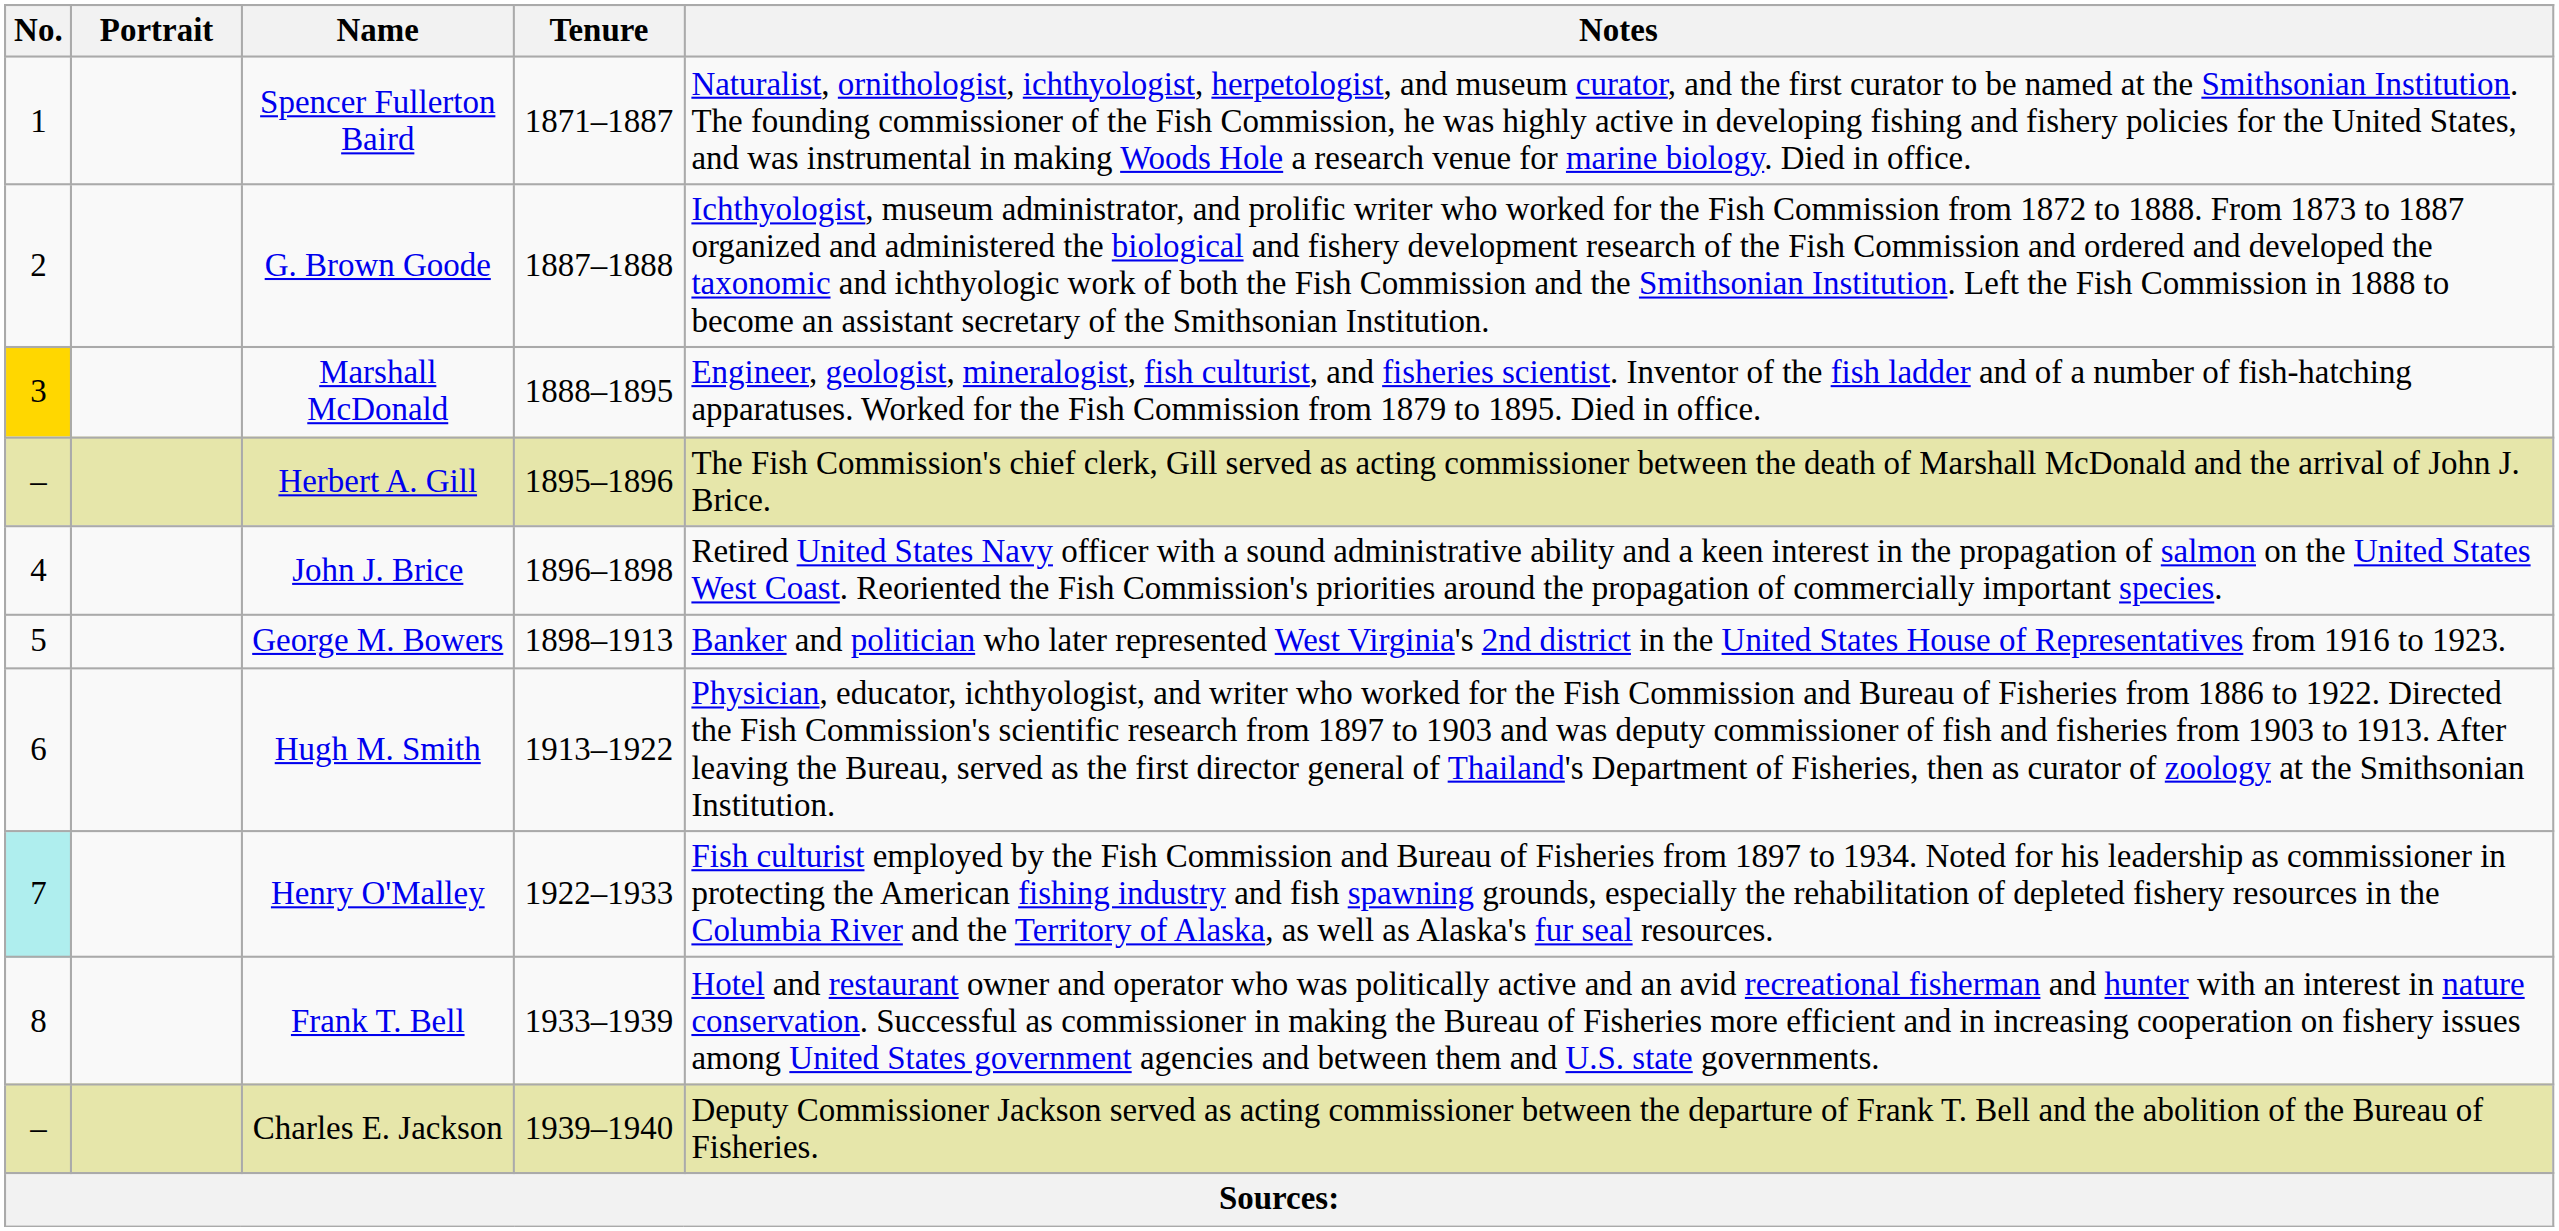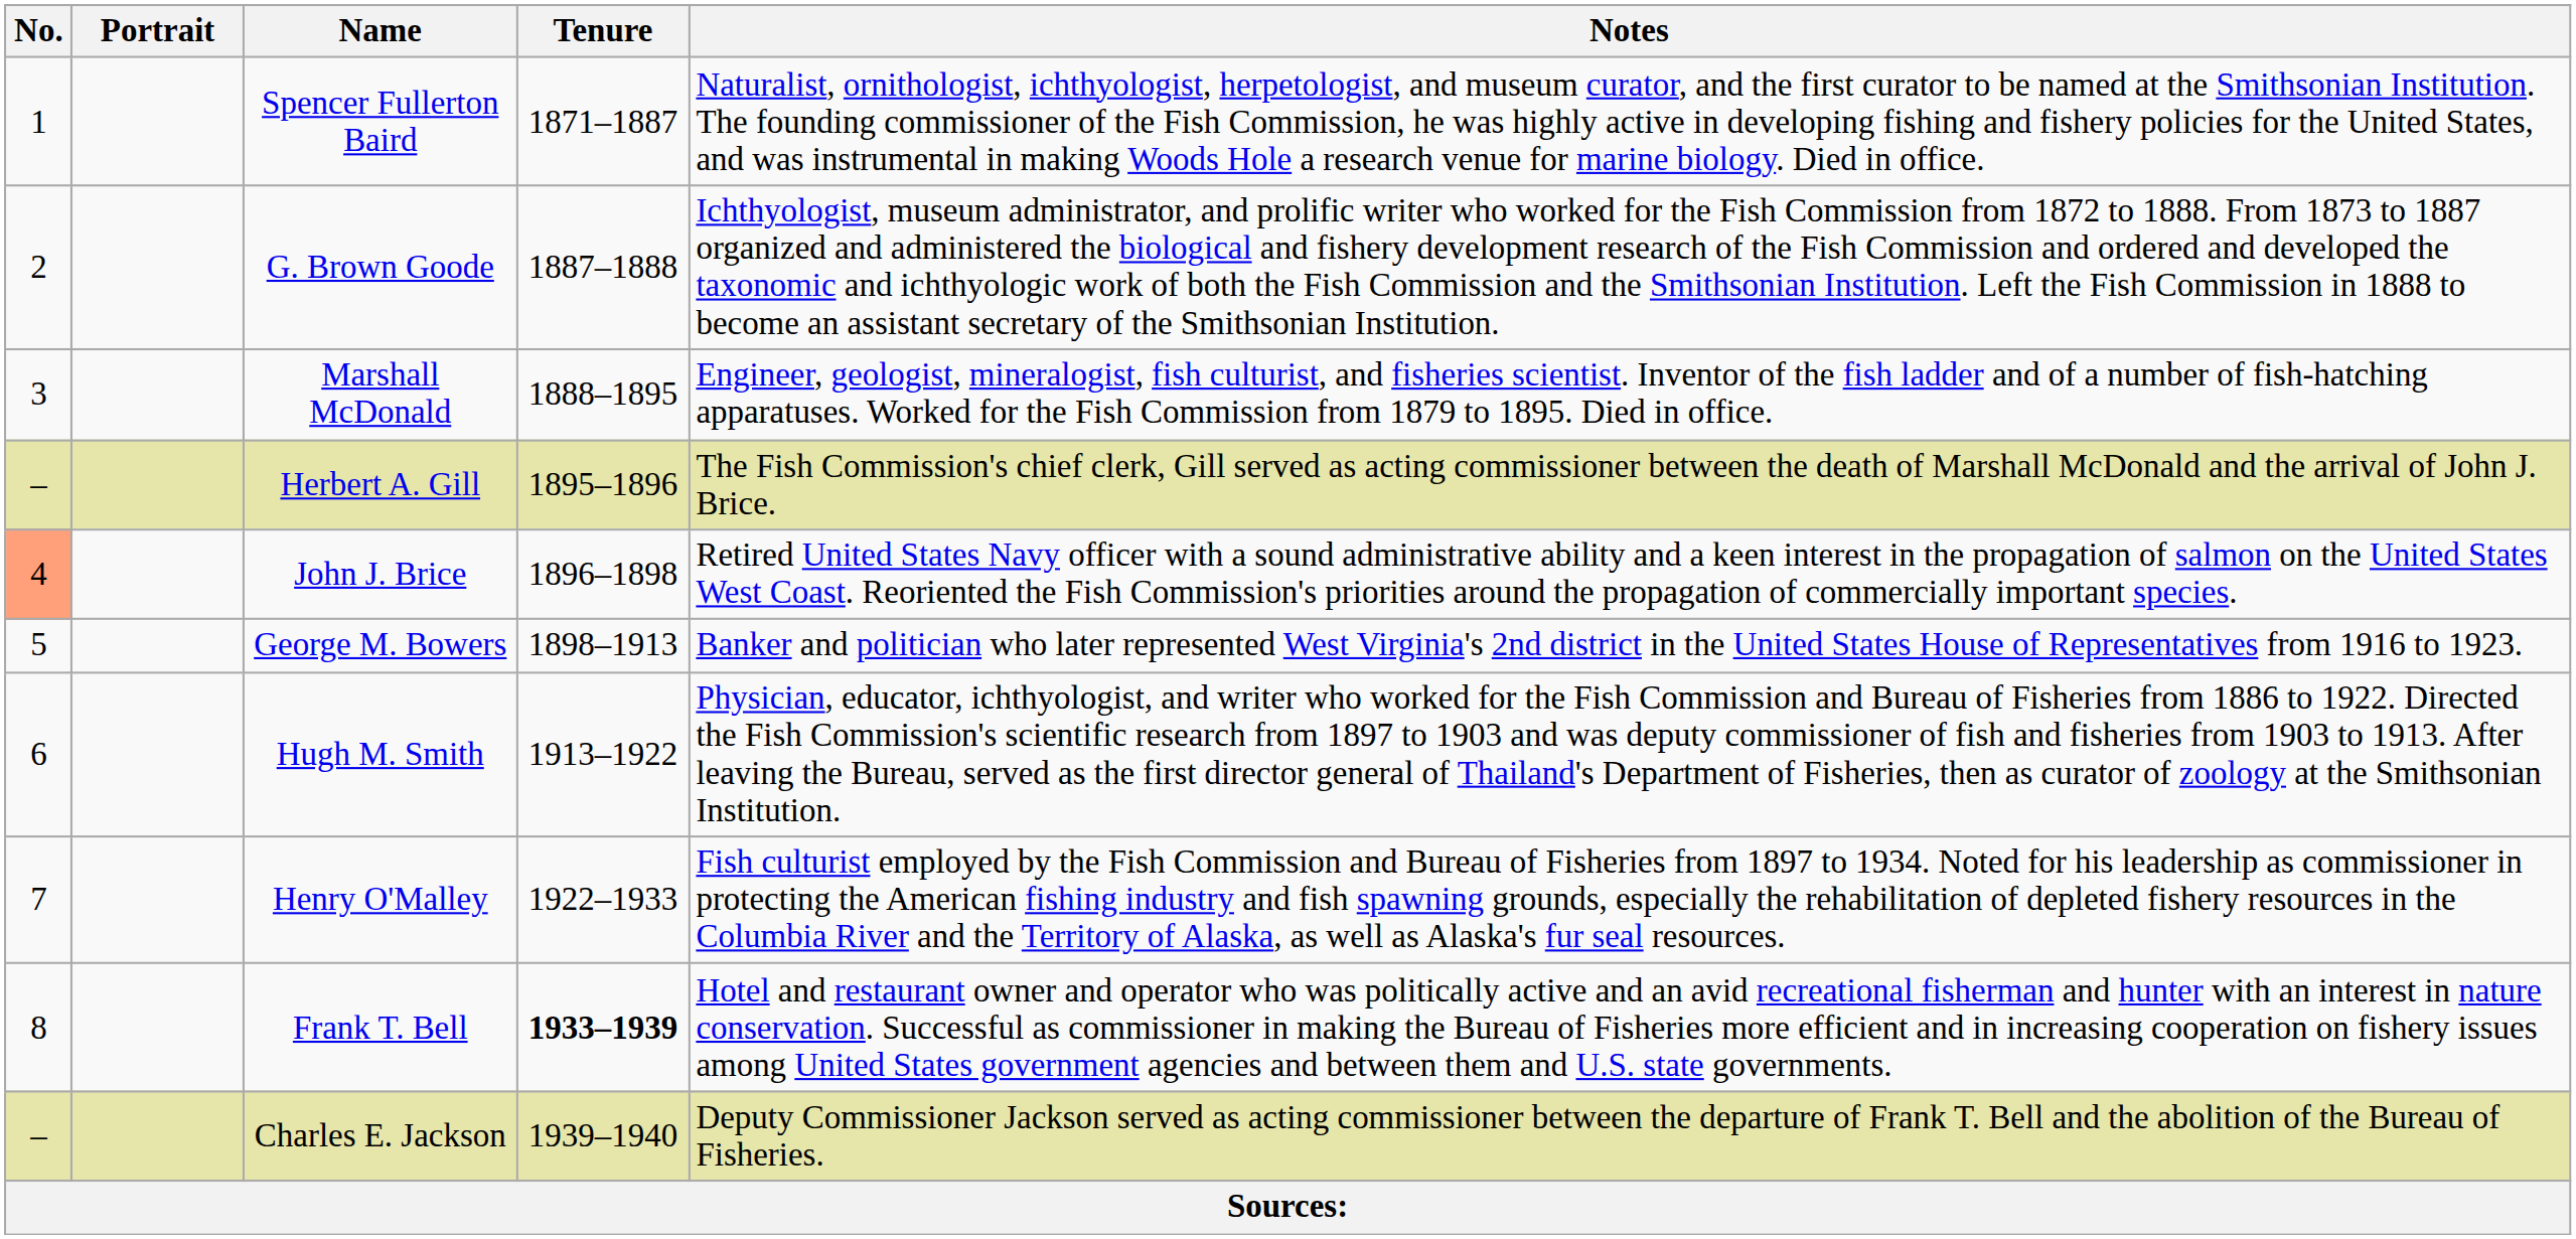 <table class="wikitable sortable">
 <tr>
 <th width="25" style="text-align:center">No.</th>
 <th width="75" style="text-align:center">Portrait</th>
 <th width="125" style="text-align:center">Name</th>
 <th width="75" style="text-align:center">Tenure</th>
 <th width="900" style="text-align:center">Notes</th>
 </tr>
 <tr>
 <td style="text-align:center">1</td>
 <td style="text-align:center"></td>
 <td style="text-align:center"><a href='#'>Spencer Fullerton Baird</a> </td>
 <td style="text-align:center">1871–1887</td>
 <td><a href='#'>Naturalist</a>, <a href='#'>ornithologist</a>, <a href='#'>ichthyologist</a>, <a href='#'>herpetologist</a>, and museum <a href='#'>curator</a>, and the first curator to be named at the <a href='#'>Smithsonian Institution</a>. The founding commissioner of the Fish Commission, he was highly active in developing fishing and fishery policies for the United States, and was instrumental in making <a href='#'>Woods Hole</a> a research venue for <a href='#'>marine biology</a>. Died in office.</td>
 </tr>
 <tr>
 <td style="text-align:center">2</td>
 <td style="text-align:center"></td>
 <td style="text-align:center"><a href='#'>G. Brown Goode</a> </td>
 <td style="text-align:center">1887–1888</td>
 <td><a href='#'>Ichthyologist</a>, museum administrator, and prolific writer who worked for the Fish Commission from 1872 to 1888. From 1873 to 1887 organized and administered the <a href='#'>biological</a> and fishery development research of the Fish Commission and ordered and developed the <a href='#'>taxonomic</a> and ichthyologic work of both the Fish Commission and the <a href='#'>Smithsonian Institution</a>. Left the Fish Commission in 1888 to become an assistant secretary of the Smithsonian Institution.</td>
 </tr>
 <tr>
-<td style="background: gold; text-align:center">3</td>
+<td style="text-align:center">3</td>
 <td style="text-align:center"></td>
 <td style="text-align:center"><a href='#'>Marshall McDonald</a> </td>
 <td style="text-align:center">1888–1895</td>
 <td><a href='#'>Engineer</a>, <a href='#'>geologist</a>, <a href='#'>mineralogist</a>, <a href='#'>fish culturist</a>, and <a href='#'>fisheries scientist</a>. Inventor of the <a href='#'>fish ladder</a> and of a number of fish-hatching apparatuses. Worked for the Fish Commission from 1879 to 1895. Died in office.</td>
 </tr>
 <tr style="background:#e6e6aa;">
 <td style="text-align:center">–</td>
 <td style="text-align:center"></td>
 <td style="text-align:center"><a href='#'>Herbert A. Gill</a></td>
 <td style="text-align:center">1895–1896</td>
 <td>The Fish Commission's chief clerk, Gill served as acting commissioner between the death of Marshall McDonald and the arrival of John J. Brice.</td>
 </tr>
 <tr>
-<td style="text-align:center">4</td>
+<td style="background: lightsalmon; text-align:center">4</td>
 <td style="text-align:center"></td>
 <td style="text-align:center"><a href='#'>John J. Brice</a> </td>
 <td style="text-align:center">1896–1898</td>
 <td>Retired <a href='#'>United States Navy</a> officer with a sound administrative ability and a keen interest in the propagation of <a href='#'>salmon</a> on the <a href='#'>United States West Coast</a>. Reoriented the Fish Commission's priorities around the propagation of commercially important <a href='#'>species</a>.</td>
 </tr>
 <tr>
 <td style="text-align:center">5</td>
 <td style="text-align:center"></td>
 <td style="text-align:center"><a href='#'>George M. Bowers</a> </td>
 <td style="text-align:center">1898–1913</td>
 <td><a href='#'>Banker</a> and <a href='#'>politician</a> who later represented <a href='#'>West Virginia</a>'s <a href='#'>2nd district</a> in the <a href='#'>United States House of Representatives</a> from 1916 to 1923.</td>
 </tr>
 <tr>
 <td style="text-align:center">6</td>
 <td style="text-align:center"></td>
 <td style="text-align:center"><a href='#'>Hugh M. Smith</a> </td>
 <td style="text-align:center">1913–1922</td>
 <td><a href='#'>Physician</a>, educator, ichthyologist, and writer who worked for the Fish Commission and Bureau of Fisheries from 1886 to 1922. Directed the Fish Commission's scientific research from 1897 to 1903 and was deputy commissioner of fish and fisheries from 1903 to 1913. After leaving the Bureau, served as the first director general of <a href='#'>Thailand</a>'s Department of Fisheries, then as curator of <a href='#'>zoology</a> at the Smithsonian Institution.</td>
 </tr>
 <tr>
-<td style="background: paleturquoise; text-align:center">7</td>
+<td style="text-align:center">7</td>
 <td style="text-align:center"></td>
 <td style="text-align:center"><a href='#'>Henry O'Malley</a> </td>
 <td style="text-align:center">1922–1933</td>
 <td><a href='#'>Fish culturist</a> employed by the Fish Commission and Bureau of Fisheries from 1897 to 1934. Noted for his leadership as commissioner in protecting the American <a href='#'>fishing industry</a> and fish <a href='#'>spawning</a> grounds, especially the rehabilitation of depleted fishery resources in the <a href='#'>Columbia River</a> and the <a href='#'>Territory of Alaska</a>, as well as Alaska's <a href='#'>fur seal</a> resources.</td>
 </tr>
 <tr>
 <td style="text-align:center">8</td>
 <td style="text-align:center"></td>
 <td style="text-align:center"><a href='#'>Frank T. Bell</a> </td>
-<td style="text-align:center">1933–1939</td>
+<td style="text-align:center"><strong>1933–1939</strong></td>
 <td><a href='#'>Hotel</a> and <a href='#'>restaurant</a> owner and operator who was politically active and an avid <a href='#'>recreational fisherman</a> and <a href='#'>hunter</a> with an interest in <a href='#'>nature conservation</a>. Successful as commissioner in making the Bureau of Fisheries more efficient and in increasing cooperation on fishery issues among <a href='#'>United States government</a> agencies and between them and <a href='#'>U.S. state</a> governments.</td>
 </tr>
 <tr style="background:#e6e6aa;">
 <td style="text-align:center">–</td>
 <td style="text-align:center"></td>
 <td style="text-align:center">Charles E. Jackson</td>
 <td style="text-align:center">1939–1940</td>
 <td>Deputy Commissioner Jackson served as acting commissioner between the departure of Frank T. Bell and the abolition of the Bureau of Fisheries.</td>
 </tr>
 <tr class=sortbottom>
 <th scope=row colspan=5><strong>Sources:</strong></th>
 </tr>
 </table>
